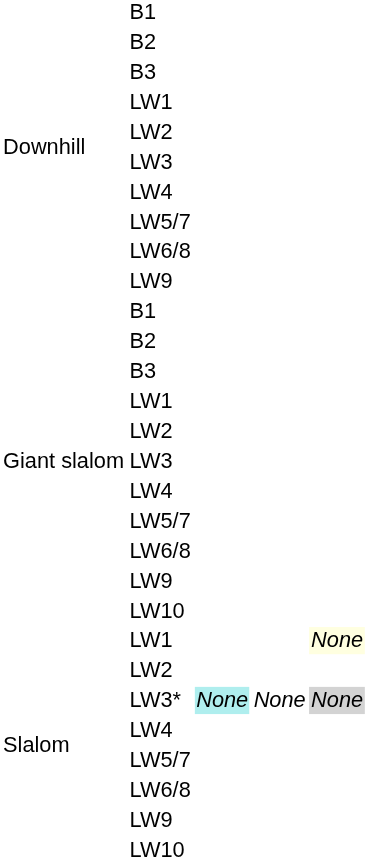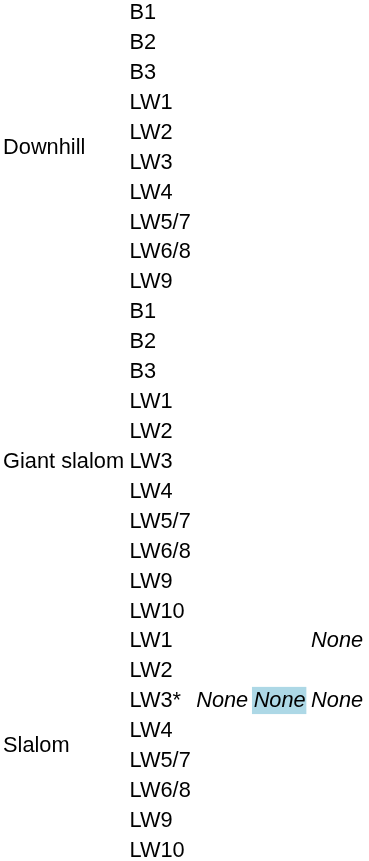 <table>
 <tr>
 <td rowspan="10">Downhill</td>
 <td>B1<br></td>
 <td></td>
 <td></td>
 <td></td>
 </tr>
 <tr>
 <td>B2<br></td>
 <td></td>
 <td></td>
 <td></td>
 </tr>
 <tr>
 <td>B3<br></td>
 <td></td>
 <td></td>
 <td></td>
 </tr>
 <tr>
 <td>LW1<br></td>
 <td></td>
 <td></td>
 <td></td>
 </tr>
 <tr>
 <td>LW2<br></td>
 <td></td>
 <td></td>
 <td></td>
 </tr>
 <tr>
 <td>LW3<br></td>
 <td></td>
 <td></td>
 <td></td>
 </tr>
 <tr>
 <td>LW4<br></td>
 <td></td>
 <td></td>
 <td></td>
 </tr>
 <tr>
 <td>LW5/7<br></td>
 <td></td>
 <td></td>
 <td></td>
 </tr>
 <tr>
 <td>LW6/8<br></td>
 <td></td>
 <td></td>
 <td></td>
 </tr>
 <tr>
 <td>LW9<br></td>
 <td></td>
 <td></td>
 <td></td>
 </tr>
 <tr>
 <td rowspan="11">Giant slalom</td>
 <td>B1<br></td>
 <td></td>
 <td></td>
 <td></td>
 </tr>
 <tr>
 <td>B2<br></td>
 <td></td>
 <td></td>
 <td></td>
 </tr>
 <tr>
 <td>B3<br></td>
 <td></td>
 <td></td>
 <td></td>
 </tr>
 <tr>
 <td>LW1<br></td>
 <td></td>
 <td></td>
 <td></td>
 </tr>
 <tr>
 <td>LW2<br></td>
 <td></td>
 <td></td>
 <td></td>
 </tr>
 <tr>
 <td>LW3<br></td>
 <td></td>
 <td></td>
 <td></td>
 </tr>
 <tr>
 <td>LW4<br></td>
 <td></td>
 <td></td>
 <td></td>
 </tr>
 <tr>
 <td>LW5/7<br></td>
 <td></td>
 <td></td>
 <td></td>
 </tr>
 <tr>
 <td>LW6/8<br></td>
 <td></td>
 <td></td>
 <td></td>
 </tr>
 <tr>
 <td>LW9<br></td>
 <td></td>
 <td></td>
 <td></td>
 </tr>
 <tr>
 <td>LW10<br></td>
 <td></td>
 <td></td>
 <td></td>
 </tr>
 <tr>
 <td rowspan="8">Slalom</td>
 <td>LW1<br></td>
 <td></td>
 <td></td>
-<td align="center" style="background: lightyellow;"><em>None</em></td>
+<td align="center"><em>None</em></td>
 </tr>
 <tr>
 <td>LW2<br></td>
 <td></td>
 <td></td>
 <td></td>
 </tr>
 <tr>
 <td>LW3*<br></td>
-<td align="center" style="background: paleturquoise;"><em>None</em></td>
 <td align="center"><em>None</em></td>
-<td align="center" style="background: lightgrey;"><em>None</em></td>
+<td align="center" style="background: lightblue;"><em>None</em></td>
+<td align="center"><em>None</em></td>
 </tr>
 <tr>
 <td>LW4<br></td>
 <td></td>
 <td></td>
 <td></td>
 </tr>
 <tr>
 <td>LW5/7<br></td>
 <td></td>
 <td></td>
 <td></td>
 </tr>
 <tr>
 <td>LW6/8<br></td>
 <td></td>
 <td></td>
 <td></td>
 </tr>
 <tr>
 <td>LW9<br></td>
 <td></td>
 <td></td>
 <td></td>
 </tr>
 <tr>
 <td>LW10<br></td>
 <td></td>
 <td></td>
 <td></td>
 </tr>
 </table>
